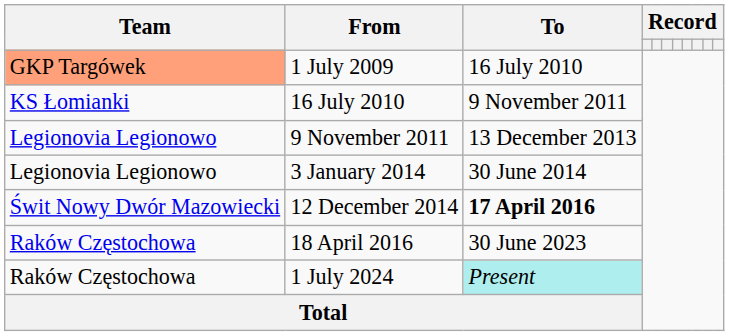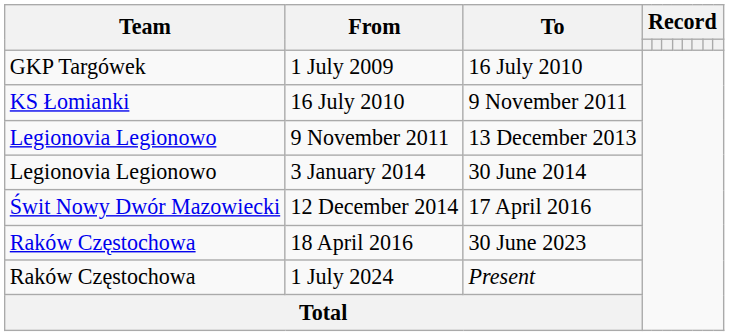 <table class="wikitable" style="text-align: center;">
 <tr>
 <th rowspan="2">Team</th>
 <th rowspan="2">From</th>
 <th rowspan="2">To</th>
 <th colspan="8">Record</th>
 </tr>
 <tr>
 <th></th>
 <th></th>
 <th></th>
 <th></th>
 <th></th>
 <th></th>
 <th></th>
 <th></th>
 </tr>
 <tr>
-<td align=left style="background: lightsalmon;">GKP Targówek</td>
+<td align=left>GKP Targówek</td>
 <td align=left>1 July 2009</td>
 <td align=left>16 July 2010<br></td>
 </tr>
 <tr>
 <td align=left><a href='#'>KS Łomianki</a></td>
 <td align=left>16 July 2010</td>
 <td align=left>9 November 2011<br></td>
 </tr>
 <tr>
 <td align=left><a href='#'>Legionovia Legionowo</a></td>
 <td align=left>9 November 2011</td>
 <td align=left>13 December 2013<br></td>
 </tr>
 <tr>
 <td align=left>Legionovia Legionowo</td>
 <td align=left>3 January 2014</td>
 <td align=left>30 June 2014<br></td>
 </tr>
 <tr>
 <td align=left><a href='#'>Świt Nowy Dwór Mazowiecki</a></td>
 <td align=left>12 December 2014</td>
-<td align=left><strong>17 April 2016<br></strong></td>
+<td align=left>17 April 2016<br></td>
 </tr>
 <tr>
 <td align=left><a href='#'>Raków Częstochowa</a></td>
 <td align=left>18 April 2016</td>
 <td align=left>30 June 2023<br></td>
 </tr>
 <tr>
 <td align=left>Raków Częstochowa</td>
 <td align=left>1 July 2024</td>
-<td align=left style="background: paleturquoise;"><em>Present</em><br></td>
+<td align=left><em>Present</em><br></td>
 </tr>
 <tr>
 <th colspan="3">Total<br></th>
 </tr>
 </table>
